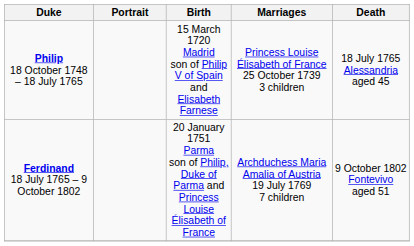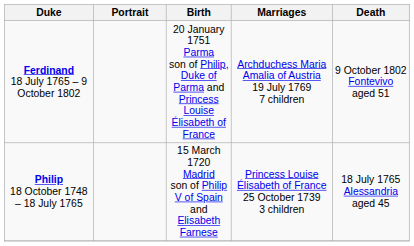 <table style="text-align:center; width:100%" class="wikitable">
 <tr>
 <th width=22%>Duke</th>
 <th width=105px>Portrait</th>
 <th>Birth</th>
 <th width=25%>Marriages</th>
 <th width=19%>Death</th>
 </tr>
 <tr>
+<td><strong><a href='#'>Ferdinand</a></strong><br>18 July 1765 – 9 October 1802</td>
+<td></td>
+<td>20 January 1751<br><a href='#'>Parma</a><br>son of <a href='#'>Philip, Duke of Parma</a> and <a href='#'>Princess Louise Élisabeth of France</a></td>
+<td><a href='#'>Archduchess Maria Amalia of Austria</a><br>19 July 1769<br>7 children</td>
+<td>9 October 1802<br><a href='#'>Fontevivo</a><br>aged 51</td>
+</tr>
+<tr>
 <td><strong><a href='#'>Philip</a></strong><br>18 October 1748 – 18 July 1765</td>
 <td></td>
 <td>15 March 1720<br><a href='#'>Madrid</a><br> son of <a href='#'>Philip V of Spain</a> and <a href='#'>Elisabeth Farnese</a></td>
 <td><a href='#'>Princess Louise Élisabeth of France</a><br>25 October 1739<br>3 children</td>
 <td>18 July 1765<br><a href='#'>Alessandria</a><br>aged 45</td>
 </tr>
 <tr>
-<td><strong><a href='#'>Ferdinand</a></strong><br>18 July 1765 – 9 October 1802</td>
-<td></td>
-<td>20 January 1751<br><a href='#'>Parma</a><br>son of <a href='#'>Philip, Duke of Parma</a> and <a href='#'>Princess Louise Élisabeth of France</a></td>
-<td><a href='#'>Archduchess Maria Amalia of Austria</a><br>19 July 1769<br>7 children</td>
-<td>9 October 1802<br><a href='#'>Fontevivo</a><br>aged 51</td>
-</tr>
-<tr>
 </tr>
 </table>
